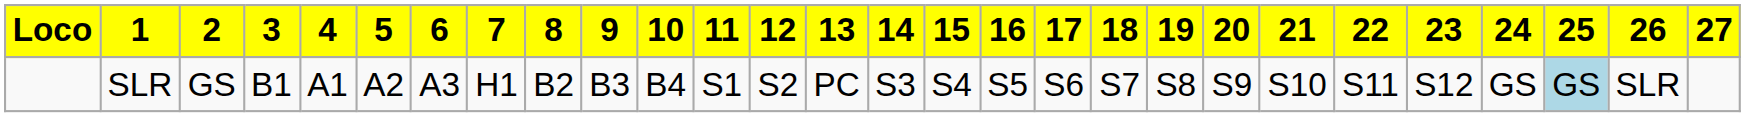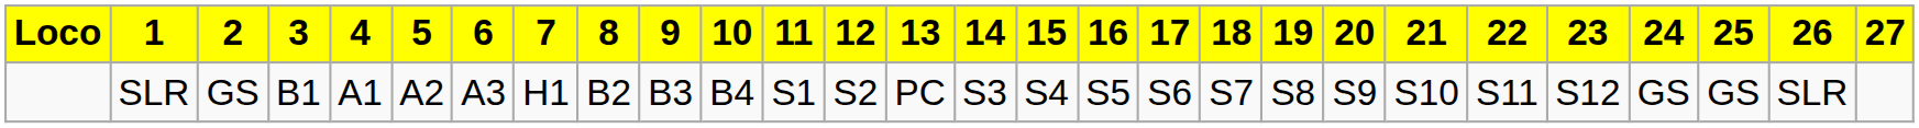 <table class="wikitable plainrowheaders unsortable" style="text-align:center">
 <tr>
 <th scope="col" style="background:yellow;">Loco</th>
 <th scope="col" style="background:yellow;">1</th>
 <th scope="col" style="background:yellow;">2</th>
 <th scope="col" style="background:yellow;">3</th>
 <th scope="col" style="background:yellow;">4</th>
 <th scope="col" style="background:yellow;">5</th>
 <th scope="col" style="background:yellow;">6</th>
 <th scope="col" style="background:yellow;">7</th>
 <th scope="col" style="background:yellow;">8</th>
 <th scope="col" style="background:yellow;">9</th>
 <th scope="col" style="background:yellow;">10</th>
 <th scope="col" style="background:yellow;">11</th>
 <th scope="col" style="background:yellow;">12</th>
 <th scope="col" style="background:yellow;">13</th>
 <th scope="col" style="background:yellow;">14</th>
 <th scope="col" style="background:yellow;">15</th>
 <th scope="col" style="background:yellow;">16</th>
 <th scope="col" style="background:yellow;">17</th>
 <th scope="col" style="background:yellow;">18</th>
 <th scope="col" style="background:yellow;">19</th>
 <th scope="col" style="background:yellow;">20</th>
 <th scope="col" style="background:yellow;">21</th>
 <th scope="col" style="background:yellow;">22</th>
 <th scope="col" style="background:yellow;">23</th>
 <th scope="col" style="background:yellow;">24</th>
 <th scope="col" style="background:yellow;">25</th>
 <th scope="col" style="background:yellow;">26</th>
 <th scope="col" style="background:yellow;">27</th>
 </tr>
 <tr>
 <td></td>
 <td>SLR</td>
 <td>GS</td>
 <td>B1</td>
 <td>A1</td>
 <td>A2</td>
 <td>A3</td>
 <td>H1</td>
 <td>B2</td>
 <td>B3</td>
 <td>B4</td>
 <td>S1</td>
 <td>S2</td>
 <td>PC</td>
 <td>S3</td>
 <td>S4</td>
 <td>S5</td>
 <td>S6</td>
 <td>S7</td>
 <td>S8</td>
 <td>S9</td>
 <td>S10</td>
 <td>S11</td>
 <td>S12</td>
 <td>GS</td>
-<td style="background: lightblue;">GS</td>
+<td>GS</td>
 <td>SLR</td>
 </tr>
 </table>
